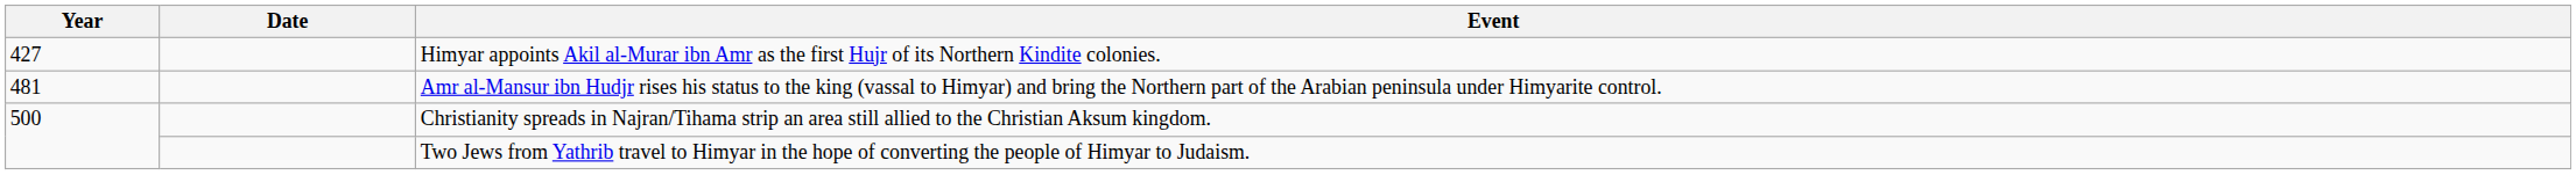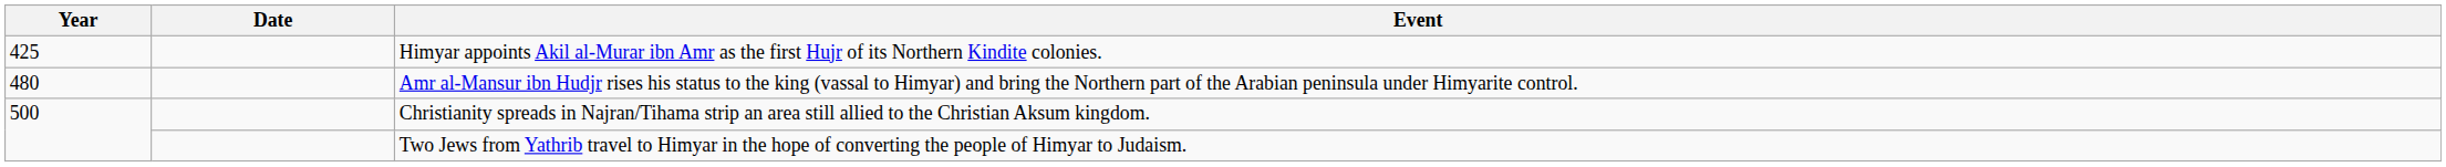 <table class="wikitable" width="100%">
 <tr>
 <th style="width:6%">Year</th>
 <th style="width:10%">Date</th>
 <th>Event</th>
 </tr>
 <tr>
-<td>427</td>
+<td>425</td>
 <td></td>
 <td>Himyar appoints <a href='#'>Akil al-Murar ibn Amr</a> as the first <a href='#'>Hujr</a> of its Northern <a href='#'>Kindite</a> colonies.</td>
 </tr>
 <tr>
-<td>481</td>
+<td>480</td>
 <td></td>
 <td><a href='#'>Amr al-Mansur ibn Hudjr</a> rises his status to the king (vassal to Himyar) and bring the Northern part of the Arabian peninsula under Himyarite control.</td>
 </tr>
 <tr>
 <td rowspan="2" valign="top">500</td>
 <td></td>
 <td>Christianity spreads in Najran/Tihama strip an area still allied to the Christian Aksum kingdom.</td>
 </tr>
 <tr>
 <td></td>
 <td>Two Jews from <a href='#'>Yathrib</a> travel to Himyar in the hope of converting the people of Himyar to Judaism.</td>
 </tr>
 </table>
